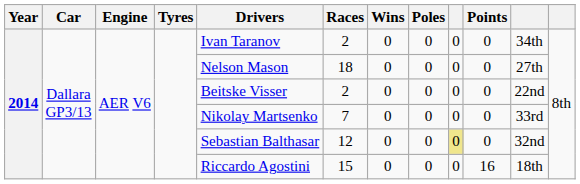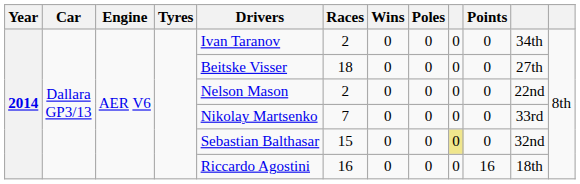 <table class="wikitable" style="font-size: 85%; text-align:center">
 <tr>
 <th>Year</th>
 <th>Car</th>
 <th>Engine</th>
 <th>Tyres</th>
 <th>Drivers</th>
 <th>Races</th>
 <th>Wins</th>
 <th>Poles</th>
 <th></th>
 <th>Points</th>
 <th></th>
 <th></th>
 </tr>
 <tr>
 <th rowspan=6><a href='#'>2014</a></th>
 <td rowspan=6><a href='#'>Dallara</a><br><a href='#'>GP3/13</a></td>
 <td rowspan=6><a href='#'>AER</a> <a href='#'>V6</a></td>
 <td rowspan=6></td>
 <td align=left> <a href='#'>Ivan Taranov</a></td>
 <td>2</td>
 <td>0</td>
 <td>0</td>
 <td>0</td>
 <td>0</td>
 <td>34th</td>
 <td rowspan=6>8th</td>
 </tr>
 <tr>
-<td align=left> <a href='#'>Nelson Mason</a></td>
+<td align=left> <a href='#'>Beitske Visser</a></td>
 <td>18</td>
 <td>0</td>
 <td>0</td>
 <td>0</td>
 <td>0</td>
 <td>27th</td>
 </tr>
 <tr>
-<td align=left> <a href='#'>Beitske Visser</a></td>
+<td align=left> <a href='#'>Nelson Mason</a></td>
 <td>2</td>
 <td>0</td>
 <td>0</td>
 <td>0</td>
 <td>0</td>
 <td>22nd</td>
 </tr>
 <tr>
 <td align=left> <a href='#'>Nikolay Martsenko</a></td>
 <td>7</td>
 <td>0</td>
 <td>0</td>
 <td>0</td>
 <td>0</td>
 <td>33rd</td>
 </tr>
 <tr>
 <td align=left> <a href='#'>Sebastian Balthasar</a></td>
-<td>12</td>
+<td>15</td>
 <td>0</td>
 <td>0</td>
 <td style="background: khaki;">0</td>
 <td>0</td>
 <td>32nd</td>
 </tr>
 <tr>
 <td align=left> <a href='#'>Riccardo Agostini</a></td>
-<td>15</td>
+<td>16</td>
 <td>0</td>
 <td>0</td>
 <td>0</td>
 <td>16</td>
 <td>18th</td>
 </tr>
 </table>
